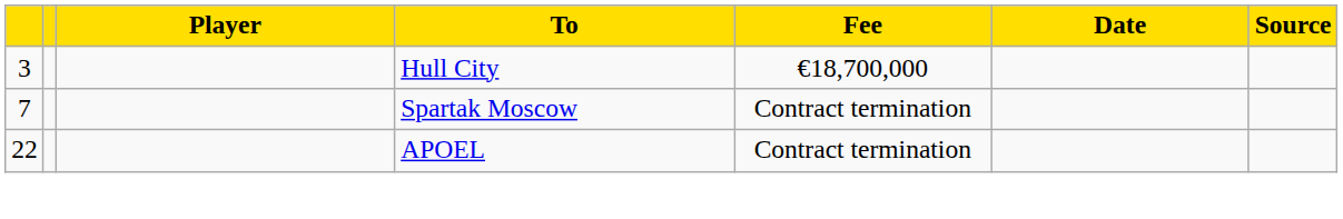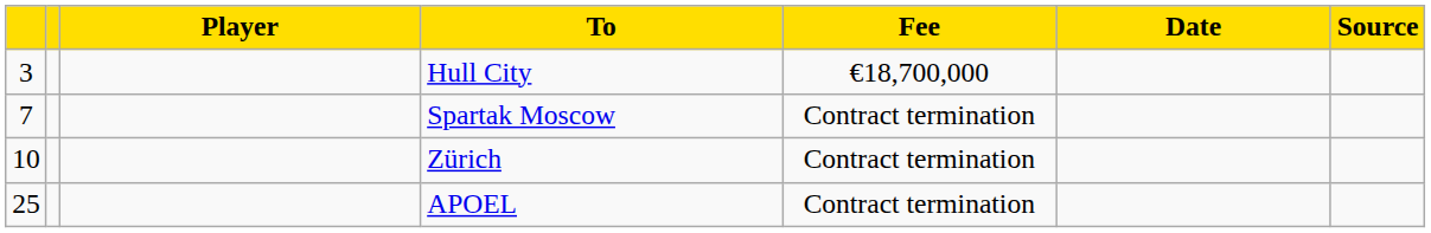 <table class="wikitable sortable">
 <tr>
 <th style="background:#FFDE00"></th>
 <th style="background:#FFDE00"></th>
 <th width=200 style="background:#FFDE00">Player</th>
 <th width=200 style="background:#FFDE00">To</th>
 <th width=150 style="background:#FFDE00">Fee</th>
 <th width=150 style="background:#FFDE00">Date</th>
 <th style="background:#FFDE00">Source</th>
 </tr>
 <tr>
 <td align=center>3</td>
 <td align=center></td>
 <td></td>
 <td> <a href='#'>Hull City</a></td>
 <td align=center>€18,700,000</td>
 <td align=center></td>
 <td align=center></td>
 </tr>
 <tr>
 <td align=center>7</td>
 <td align=center></td>
 <td></td>
 <td> <a href='#'>Spartak Moscow</a></td>
 <td align=center>Contract termination</td>
 <td align=center></td>
 <td align=center></td>
 </tr>
 <tr>
-<td align=center>22</td>
+<td align=center>10</td>
+<td align=center></td>
+<td></td>
+<td> <a href='#'>Zürich</a></td>
+<td align=center>Contract termination</td>
+<td align=center></td>
+<td align=center></td>
+</tr>
+<tr>
+<td align=center>25</td>
 <td align=center></td>
 <td></td>
 <td> <a href='#'>APOEL</a></td>
 <td align=center>Contract termination</td>
 <td align=center></td>
 <td align=center></td>
 </tr>
 </table>
